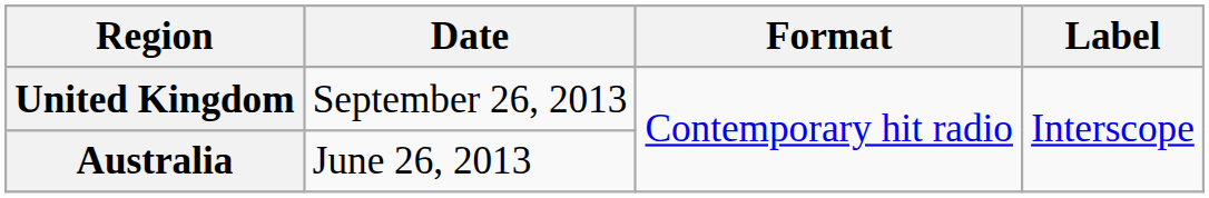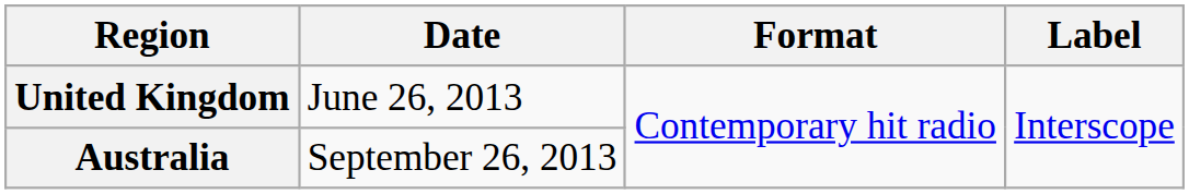 <table class="wikitable plainrowheaders">
 <tr>
 <th>Region</th>
 <th>Date</th>
 <th>Format</th>
 <th>Label</th>
 </tr>
 <tr>
 <th scope="row">United Kingdom</th>
-<td>September 26, 2013</td>
+<td>June 26, 2013</td>
 <td rowspan="2"><a href='#'>Contemporary hit radio</a></td>
 <td rowspan="2"><a href='#'>Interscope</a></td>
 </tr>
 <tr>
 <th scope="row">Australia</th>
-<td>June 26, 2013</td>
+<td>September 26, 2013</td>
 </tr>
 </table>
